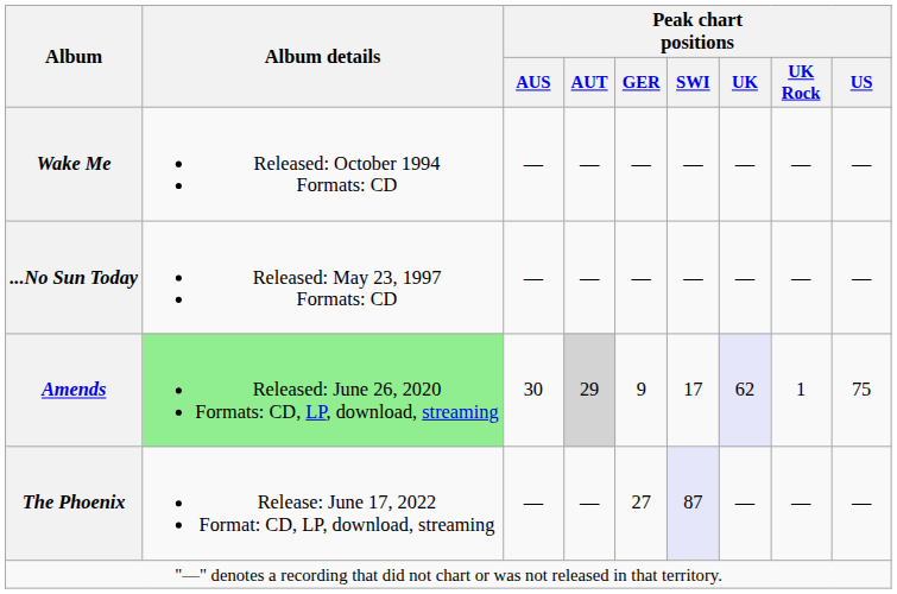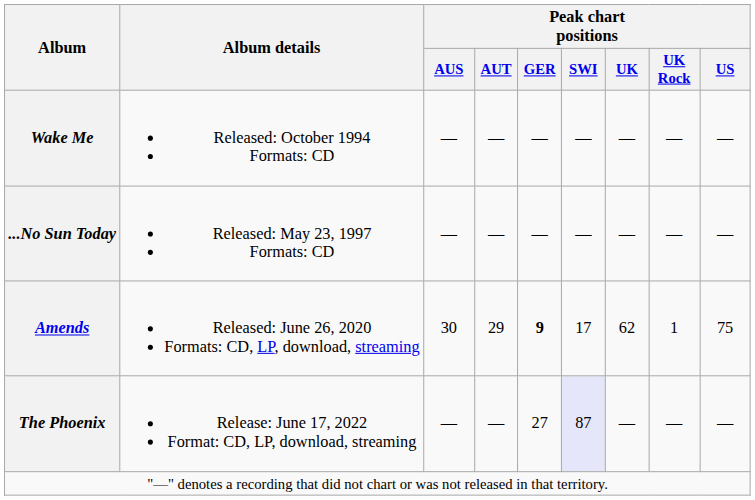 <table class="wikitable plainrowheaders" style="text-align:center;">
 <tr>
 <th rowspan="2">Album</th>
 <th rowspan="2">Album details</th>
 <th colspan="7">Peak chart<br>positions</th>
 </tr>
 <tr>
 <th scope="col" style="width:3em;font-size:90%;"><a href='#'>AUS</a></th>
 <th scope="col" style="width:2.5em;font-size:90%;"><a href='#'>AUT</a></th>
 <th scope="col" style="width:2.5em;font-size:90%;"><a href='#'>GER</a></th>
 <th scope="col" style="width:2.5em;font-size:90%;"><a href='#'>SWI</a></th>
 <th scope="col" style="width:2.5em;font-size:90%;"><a href='#'>UK</a></th>
 <th scope="col" style="width:3em;font-size:90%;"><a href='#'>UK<br>Rock</a></th>
 <th scope="col" style="width:3em;font-size:90%;"><a href='#'>US</a></th>
 </tr>
 <tr>
 <th scope="row"><em>Wake Me</em></th>
 <td><br><ul><li>Released: October 1994</li><li>Formats: CD</li></ul></td>
 <td>—</td>
 <td>—</td>
 <td>—</td>
 <td>—</td>
 <td>—</td>
 <td>—</td>
 <td>—</td>
 </tr>
 <tr>
 <th scope="row"><em>...No Sun Today</em></th>
 <td><br><ul><li>Released: May 23, 1997</li><li>Formats: CD</li></ul></td>
 <td>—</td>
 <td>—</td>
 <td>—</td>
 <td>—</td>
 <td>—</td>
 <td>—</td>
 <td>—</td>
 </tr>
 <tr>
 <th scope="row"><em><a href='#'>Amends</a></em></th>
-<td style="background: lightgreen;"><br><ul><li>Released: June 26, 2020</li><li>Formats: CD, <a href='#'>LP</a>, download, <a href='#'>streaming</a></li></ul></td>
+<td><br><ul><li>Released: June 26, 2020</li><li>Formats: CD, <a href='#'>LP</a>, download, <a href='#'>streaming</a></li></ul></td>
 <td>30</td>
-<td style="background: lightgrey;">29</td>
-<td>9</td>
+<td>29</td>
+<td><strong>9</strong></td>
 <td>17</td>
-<td style="background: lavender;">62</td>
+<td>62</td>
 <td>1</td>
 <td>75</td>
 </tr>
 <tr>
 <th scope="row"><em>The Phoenix</em></th>
 <td><br><ul><li>Release: June 17, 2022</li><li>Format: CD, LP, download, streaming</li></ul></td>
 <td>—</td>
 <td>—</td>
 <td>27</td>
 <td style="background: lavender;">87</td>
 <td>—</td>
 <td>—</td>
 <td>—</td>
 </tr>
 <tr>
 <td colspan="14" style="font-size:90%">"—" denotes a recording that did not chart or was not released in that territory.</td>
 </tr>
 </table>
